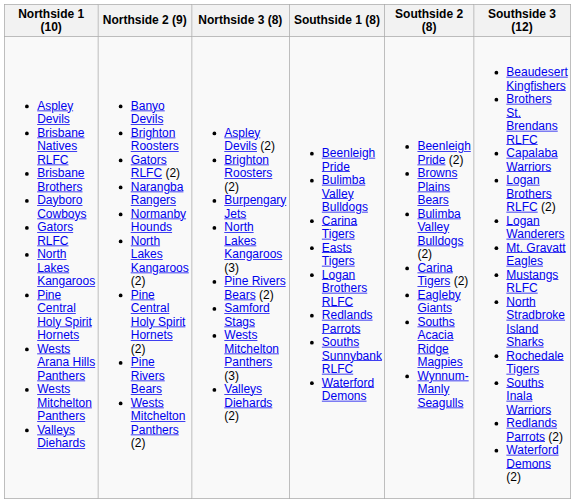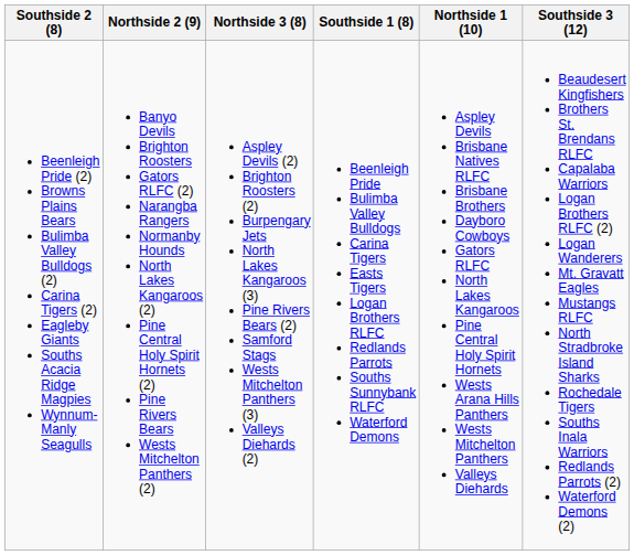 <table class="wikitable">
 <tr>
-<th>Northside 1 (10)</th>
+<th>Southside 2 (8)</th>
 <th>Northside 2 (9)</th>
 <th>Northside 3 (8)</th>
 <th>Southside 1 (8)</th>
-<th>Southside 2 (8)</th>
+<th>Northside 1 (10)</th>
 <th>Southside 3 (12)</th>
 </tr>
 <tr>
-<td><br><ul><li> <a href='#'>Aspley Devils</a></li><li> <a href='#'>Brisbane Natives RLFC</a></li><li> <a href='#'>Brisbane Brothers</a></li><li> <a href='#'>Dayboro Cowboys</a></li><li> <a href='#'>Gators RLFC</a></li><li> <a href='#'>North Lakes Kangaroos</a></li><li> <a href='#'>Pine Central Holy Spirit Hornets</a></li><li> <a href='#'>Wests Arana Hills Panthers</a></li><li> <a href='#'>Wests Mitchelton Panthers</a></li><li> <a href='#'>Valleys Diehards</a></li></ul></td>
+<td><br><ul><li> <a href='#'>Beenleigh Pride</a> (2)</li><li> <a href='#'>Browns Plains Bears</a></li><li> <a href='#'>Bulimba Valley Bulldogs</a> (2)</li><li> <a href='#'>Carina Tigers</a> (2)</li><li> <a href='#'>Eagleby Giants</a></li><li> <a href='#'>Souths Acacia Ridge Magpies</a></li><li> <a href='#'>Wynnum-Manly Seagulls</a></li></ul></td>
 <td><br><ul><li> <a href='#'>Banyo Devils</a></li><li> <a href='#'>Brighton Roosters</a></li><li> <a href='#'>Gators RLFC</a> (2)</li><li> <a href='#'>Narangba Rangers</a></li><li> <a href='#'>Normanby Hounds</a></li><li> <a href='#'>North Lakes Kangaroos</a> (2)</li><li> <a href='#'>Pine Central Holy Spirit Hornets</a> (2)</li><li> <a href='#'>Pine Rivers Bears</a></li><li> <a href='#'>Wests Mitchelton Panthers</a> (2)</li></ul></td>
 <td><br><ul><li> <a href='#'>Aspley Devils</a> (2)</li><li> <a href='#'>Brighton Roosters</a> (2)</li><li> <a href='#'>Burpengary Jets</a></li><li> <a href='#'>North Lakes Kangaroos</a> (3)</li><li> <a href='#'>Pine Rivers Bears</a> (2)</li><li> <a href='#'>Samford Stags</a></li><li> <a href='#'>Wests Mitchelton Panthers</a> (3)</li><li> <a href='#'>Valleys Diehards</a> (2)</li></ul></td>
 <td><br><ul><li> <a href='#'>Beenleigh Pride</a></li><li> <a href='#'>Bulimba Valley Bulldogs</a></li><li> <a href='#'>Carina Tigers</a></li><li> <a href='#'>Easts Tigers</a></li><li> <a href='#'>Logan Brothers RLFC</a></li><li> <a href='#'>Redlands Parrots</a></li><li> <a href='#'>Souths Sunnybank RLFC</a></li><li> <a href='#'>Waterford Demons</a></li></ul></td>
-<td><br><ul><li> <a href='#'>Beenleigh Pride</a> (2)</li><li> <a href='#'>Browns Plains Bears</a></li><li> <a href='#'>Bulimba Valley Bulldogs</a> (2)</li><li> <a href='#'>Carina Tigers</a> (2)</li><li> <a href='#'>Eagleby Giants</a></li><li> <a href='#'>Souths Acacia Ridge Magpies</a></li><li> <a href='#'>Wynnum-Manly Seagulls</a></li></ul></td>
+<td><br><ul><li> <a href='#'>Aspley Devils</a></li><li> <a href='#'>Brisbane Natives RLFC</a></li><li> <a href='#'>Brisbane Brothers</a></li><li> <a href='#'>Dayboro Cowboys</a></li><li> <a href='#'>Gators RLFC</a></li><li> <a href='#'>North Lakes Kangaroos</a></li><li> <a href='#'>Pine Central Holy Spirit Hornets</a></li><li> <a href='#'>Wests Arana Hills Panthers</a></li><li> <a href='#'>Wests Mitchelton Panthers</a></li><li> <a href='#'>Valleys Diehards</a></li></ul></td>
 <td><br><ul><li> <a href='#'>Beaudesert Kingfishers</a></li><li> <a href='#'>Brothers St. Brendans RLFC</a></li><li> <a href='#'>Capalaba Warriors</a></li><li> <a href='#'>Logan Brothers RLFC</a> (2)</li><li> <a href='#'>Logan Wanderers</a></li><li> <a href='#'>Mt. Gravatt Eagles</a></li><li> <a href='#'>Mustangs RLFC</a></li><li> <a href='#'>North Stradbroke Island Sharks</a></li><li> <a href='#'>Rochedale Tigers</a></li><li> <a href='#'>Souths Inala Warriors</a></li><li> <a href='#'>Redlands Parrots</a> (2)</li><li> <a href='#'>Waterford Demons</a> (2)</li></ul></td>
 </tr>
 </table>
